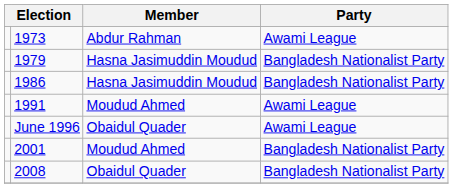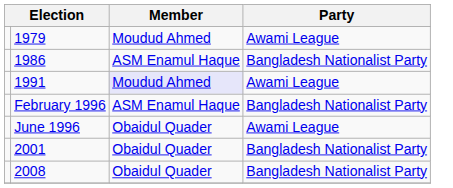 <table class="wikitable">
 <tr>
 <th colspan="2">Election</th>
 <th>Member</th>
 <th>Party</th>
 </tr>
 <tr>
 <td style="background-color:"></td>
-<td><a href='#'>1973</a></td>
-<td><a href='#'>Abdur Rahman</a></td>
+<td><a href='#'>1979</a></td>
+<td><a href='#'>Moudud Ahmed</a></td>
 <td><a href='#'>Awami League</a></td>
 </tr>
 <tr>
 <td style="background-color:"></td>
-<td><a href='#'>1979</a></td>
-<td><a href='#'>Hasna Jasimuddin Moudud</a></td>
-<td><a href='#'>Bangladesh Nationalist Party</a></td>
-</tr>
-<tr>
-<td style="background-color:"></td>
 <td><a href='#'>1986</a></td>
-<td><a href='#'>Hasna Jasimuddin Moudud</a></td>
+<td><a href='#'>ASM Enamul Haque</a></td>
 <td><a href='#'>Bangladesh Nationalist Party</a></td>
 </tr>
 <tr>
 <td style="background-color:"></td>
 <td><a href='#'>1991</a></td>
-<td><a href='#'>Moudud Ahmed</a></td>
+<td style="background: lavender;"><a href='#'>Moudud Ahmed</a></td>
 <td><a href='#'>Awami League</a></td>
+</tr>
+<tr>
+<td style="background-color:"></td>
+<td><a href='#'>February 1996</a></td>
+<td><a href='#'>ASM Enamul Haque</a></td>
+<td><a href='#'>Bangladesh Nationalist Party</a></td>
 </tr>
 <tr>
 <td style="background-color:"></td>
 <td><a href='#'>June 1996</a></td>
 <td><a href='#'>Obaidul Quader</a></td>
 <td><a href='#'>Awami League</a></td>
 </tr>
 <tr>
 <td style="background-color:"></td>
 <td><a href='#'>2001</a></td>
-<td><a href='#'>Moudud Ahmed</a></td>
+<td><a href='#'>Obaidul Quader</a></td>
 <td><a href='#'>Bangladesh Nationalist Party</a></td>
 </tr>
 <tr>
 <td style="background-color:"></td>
 <td><a href='#'>2008</a></td>
 <td><a href='#'>Obaidul Quader</a></td>
 <td><a href='#'>Bangladesh Nationalist Party</a></td>
 </tr>
 <tr>
 </tr>
 </table>
